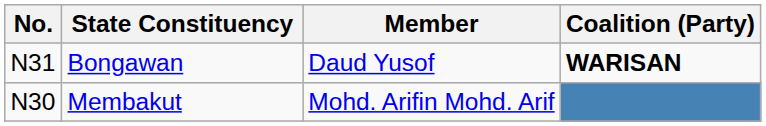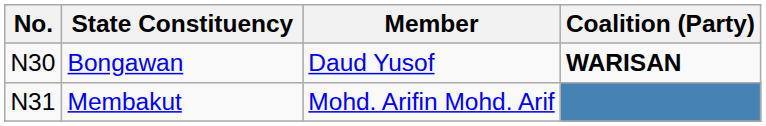 <table class="wikitable sortable">
 <tr>
 <th width="30">No.</th>
 <th width="150">State Constituency</th>
 <th>Member</th>
 <th>Coalition (Party)</th>
 </tr>
 <tr>
-<td>N31</td>
+<td>N30</td>
 <td><a href='#'>Bongawan</a></td>
 <td><a href='#'>Daud Yusof</a></td>
 <td><strong>WARISAN</strong></td>
 </tr>
 <tr>
-<td>N30</td>
+<td>N31</td>
 <td><a href='#'>Membakut</a></td>
 <td><a href='#'>Mohd. Arifin Mohd. Arif</a></td>
 <td style="background-color: #4682B4;"></td>
 </tr>
 </table>
